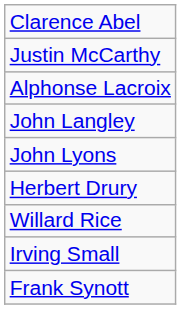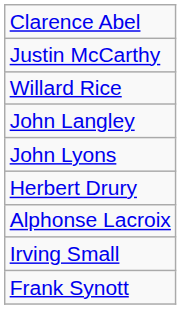 <table class=wikitable style=font-size:90%>
 <tr>
 <td><a href='#'>Clarence Abel</a></td>
 </tr>
 <tr>
 <td><a href='#'>Justin McCarthy</a></td>
 </tr>
 <tr>
-<td><a href='#'>Alphonse Lacroix</a></td>
+<td><a href='#'>Willard Rice</a></td>
 </tr>
 <tr>
 <td><a href='#'>John Langley</a></td>
 </tr>
 <tr>
 <td><a href='#'>John Lyons</a></td>
 </tr>
 <tr>
 <td><a href='#'>Herbert Drury</a></td>
 </tr>
 <tr>
-<td><a href='#'>Willard Rice</a></td>
+<td><a href='#'>Alphonse Lacroix</a></td>
 </tr>
 <tr>
 <td><a href='#'>Irving Small</a></td>
 </tr>
 <tr>
 <td><a href='#'>Frank Synott</a></td>
 </tr>
 </table>
